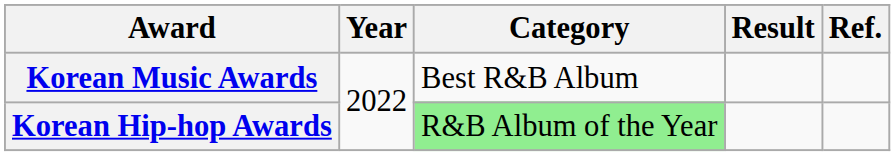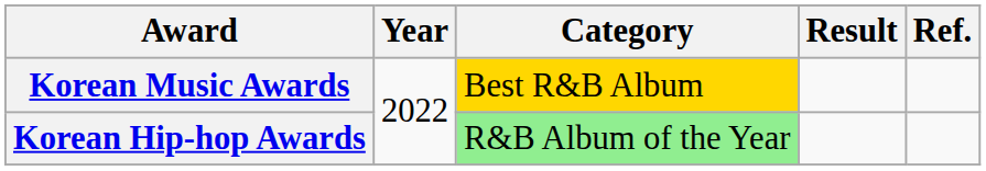 <table class="wikitable plainrowheaders">
 <tr>
 <th>Award</th>
 <th>Year</th>
 <th>Category</th>
 <th>Result</th>
 <th>Ref.</th>
 </tr>
 <tr>
 <th scope="row"><a href='#'>Korean Music Awards</a></th>
 <td rowspan="2">2022</td>
-<td>Best R&B Album</td>
+<td style="background: gold;">Best R&B Album</td>
 <td></td>
 <td></td>
 </tr>
 <tr>
 <th scope="row"><a href='#'>Korean Hip-hop Awards</a></th>
 <td style="background: lightgreen;">R&B Album of the Year</td>
 <td></td>
 <td></td>
 </tr>
 </table>
